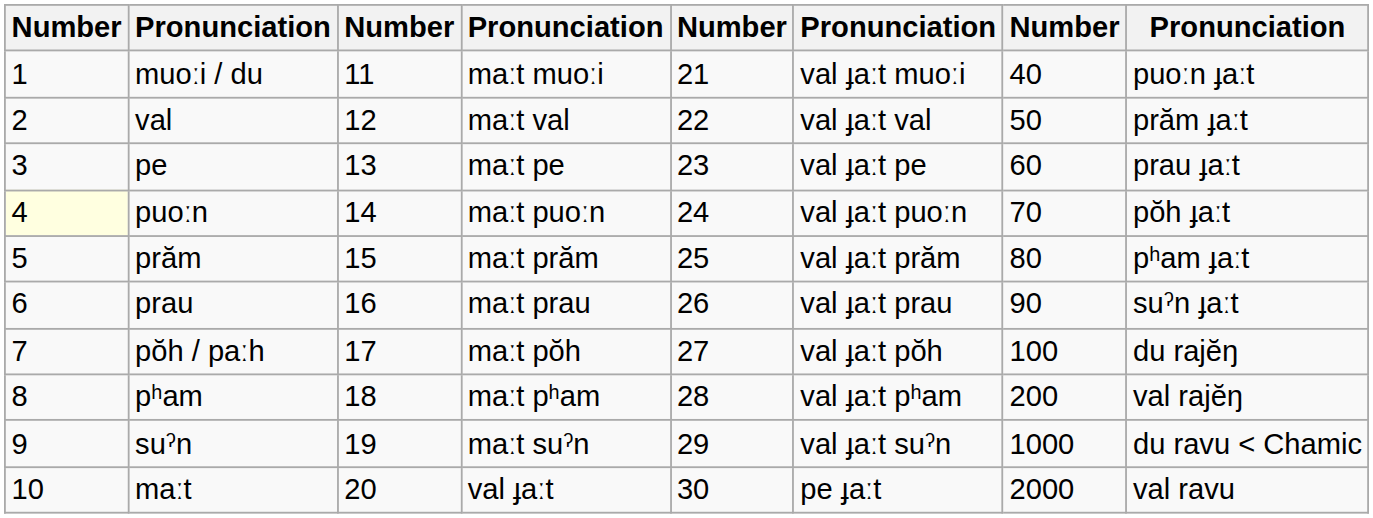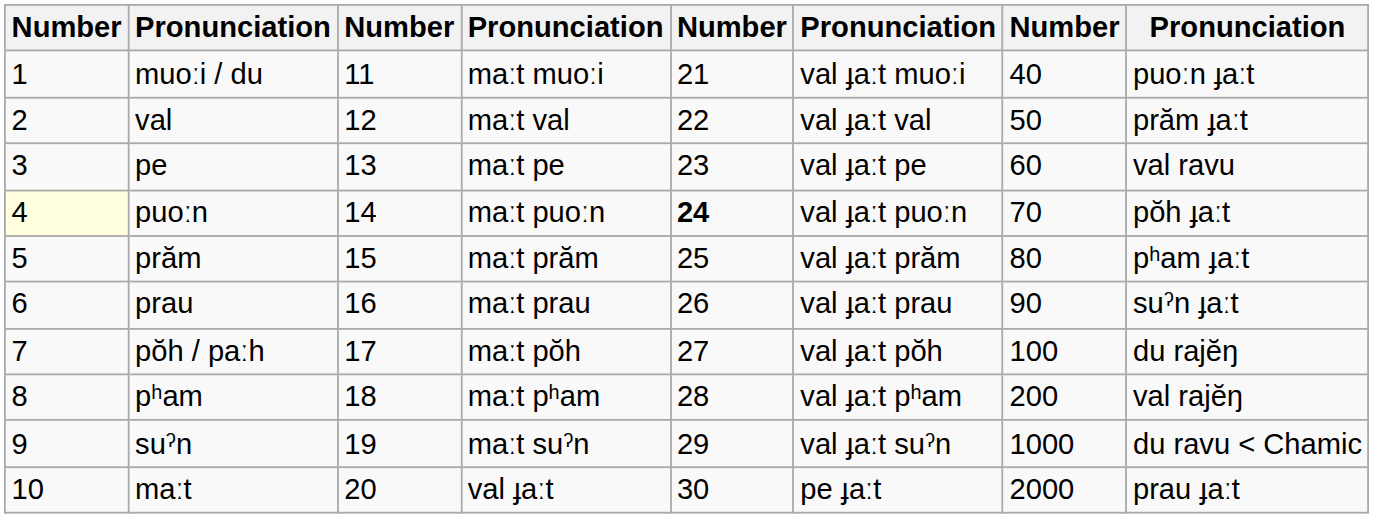 <table class="wikitable">
 <tr>
 <th>Number</th>
 <th>Pronunciation</th>
 <th>Number</th>
 <th>Pronunciation</th>
 <th>Number</th>
 <th>Pronunciation</th>
 <th>Number</th>
 <th>Pronunciation</th>
 </tr>
 <tr>
 <td>1</td>
 <td>muoːi / du</td>
 <td>11</td>
 <td>maːt muoːi</td>
 <td>21</td>
 <td>val ɟaːt muoːi</td>
 <td>40</td>
 <td>puoːn ɟaːt</td>
 </tr>
 <tr>
 <td>2</td>
 <td>val</td>
 <td>12</td>
 <td>maːt val</td>
 <td>22</td>
 <td>val ɟaːt val</td>
 <td>50</td>
 <td>prăm ɟaːt</td>
 </tr>
 <tr>
 <td>3</td>
 <td>pe</td>
 <td>13</td>
 <td>maːt pe</td>
 <td>23</td>
 <td>val ɟaːt pe</td>
 <td>60</td>
-<td>prau ɟaːt</td>
+<td>val ravu</td>
 </tr>
 <tr>
 <td style="background: lightyellow;">4</td>
 <td>puoːn</td>
 <td>14</td>
 <td>maːt puoːn</td>
-<td>24</td>
+<td><strong>24</strong></td>
 <td>val ɟaːt puoːn</td>
 <td>70</td>
 <td>pŏh ɟaːt</td>
 </tr>
 <tr>
 <td>5</td>
 <td>prăm</td>
 <td>15</td>
 <td>maːt prăm</td>
 <td>25</td>
 <td>val ɟaːt prăm</td>
 <td>80</td>
 <td>pʰam ɟaːt</td>
 </tr>
 <tr>
 <td>6</td>
 <td>prau</td>
 <td>16</td>
 <td>maːt prau</td>
 <td>26</td>
 <td>val ɟaːt prau</td>
 <td>90</td>
 <td>suˀn ɟaːt</td>
 </tr>
 <tr>
 <td>7</td>
 <td>pŏh / paːh</td>
 <td>17</td>
 <td>maːt pŏh</td>
 <td>27</td>
 <td>val ɟaːt pŏh</td>
 <td>100</td>
 <td>du rajĕŋ</td>
 </tr>
 <tr>
 <td>8</td>
 <td>pʰam</td>
 <td>18</td>
 <td>maːt pʰam</td>
 <td>28</td>
 <td>val ɟaːt pʰam</td>
 <td>200</td>
 <td>val rajĕŋ</td>
 </tr>
 <tr>
 <td>9</td>
 <td>suˀn</td>
 <td>19</td>
 <td>maːt suˀn</td>
 <td>29</td>
 <td>val ɟaːt suˀn</td>
 <td>1000</td>
 <td>du ravu  < Chamic</td>
 </tr>
 <tr>
 <td>10</td>
 <td>maːt</td>
 <td>20</td>
 <td>val ɟaːt</td>
 <td>30</td>
 <td>pe ɟaːt</td>
 <td>2000</td>
-<td>val ravu</td>
+<td>prau ɟaːt</td>
 </tr>
 </table>
